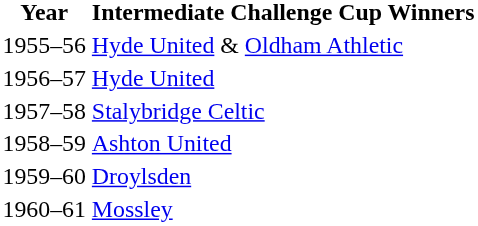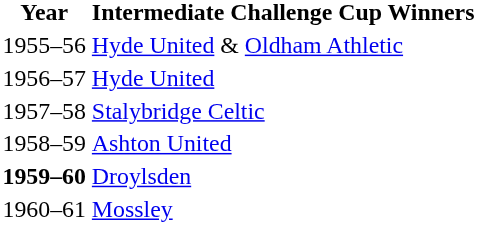 <table>
 <tr>
 <th>Year</th>
 <th>Intermediate Challenge Cup Winners</th>
 </tr>
 <tr>
 <td>1955–56</td>
 <td><a href='#'>Hyde United</a> & <a href='#'>Oldham Athletic</a></td>
 </tr>
 <tr>
 <td>1956–57</td>
 <td><a href='#'>Hyde United</a></td>
 </tr>
 <tr>
 <td>1957–58</td>
 <td><a href='#'>Stalybridge Celtic</a></td>
 </tr>
 <tr>
 <td>1958–59</td>
 <td><a href='#'>Ashton United</a></td>
 </tr>
 <tr>
-<td>1959–60</td>
+<td><strong>1959–60</strong></td>
 <td><a href='#'>Droylsden</a></td>
 </tr>
 <tr>
 <td>1960–61</td>
 <td><a href='#'>Mossley</a></td>
 </tr>
 </table>
